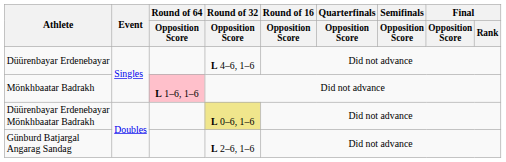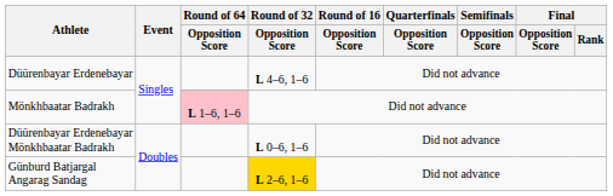 <table class=wikitable style="font-size:90%; text-align:center;">
 <tr>
 <th rowspan="2">Athlete</th>
 <th rowspan="2">Event</th>
 <th>Round of 64</th>
 <th>Round of 32</th>
 <th>Round of 16</th>
 <th>Quarterfinals</th>
 <th>Semifinals</th>
 <th colspan=2>Final</th>
 </tr>
 <tr style="font-size:95%">
 <th>Opposition<br>Score</th>
 <th>Opposition<br>Score</th>
 <th>Opposition<br>Score</th>
 <th>Opposition<br>Score</th>
 <th>Opposition<br>Score</th>
 <th>Opposition<br>Score</th>
 <th>Rank</th>
 </tr>
 <tr>
 <td align=left>Düürenbayar Erdenebayar</td>
 <td align=left rowspan=2><a href='#'>Singles</a></td>
 <td></td>
 <td><br><strong>L</strong> 4–6, 1–6</td>
 <td colspan=5>Did not advance</td>
 </tr>
 <tr>
 <td align=left>Mönkhbaatar Badrakh</td>
 <td style="background: pink;"><br><strong>L</strong> 1–6, 1–6</td>
 <td colspan=6>Did not advance</td>
 </tr>
 <tr>
 <td align=left>Düürenbayar Erdenebayar<br>Mönkhbaatar Badrakh</td>
 <td align=left rowspan=2><a href='#'>Doubles</a></td>
 <td></td>
-<td style="background: khaki;"><br><strong>L</strong> 0–6, 1–6</td>
+<td><br><strong>L</strong> 0–6, 1–6</td>
 <td colspan=5>Did not advance</td>
 </tr>
 <tr>
 <td align=left>Günburd Batjargal<br>Angarag Sandag</td>
 <td></td>
-<td><br><strong>L</strong> 2–6, 1–6</td>
+<td style="background: gold;"><br><strong>L</strong> 2–6, 1–6</td>
 <td colspan=5>Did not advance</td>
 </tr>
 </table>
